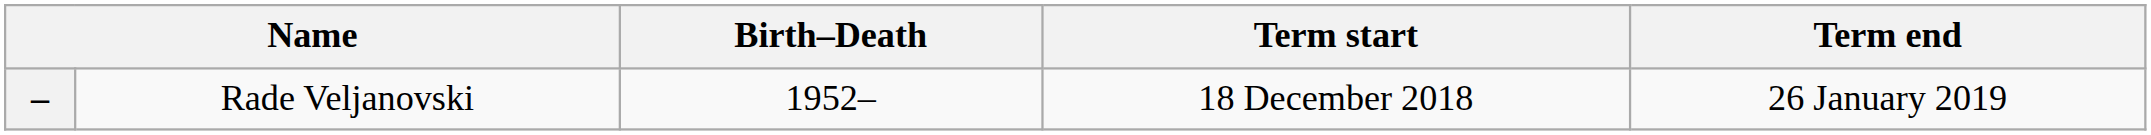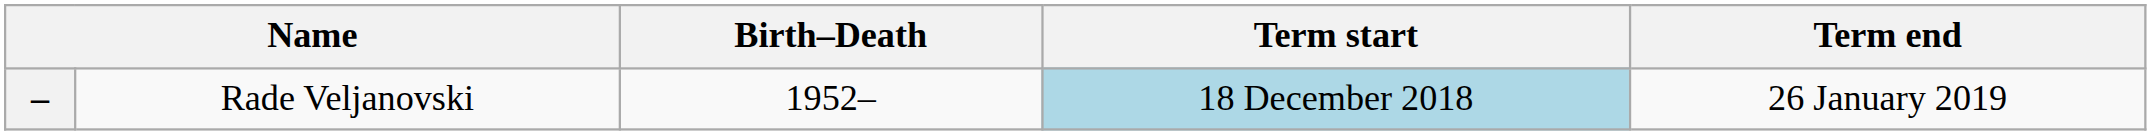 <table class="wikitable collapsible collapsed" style="text-align:center; width:75%; line-height:126%; margin-bottom:0">
 <tr>
 <th colspan="2">Name</th>
 <th>Birth–Death</th>
 <th>Term start</th>
 <th>Term end</th>
 </tr>
 <tr>
 <th style="background:">–</th>
 <td>Rade Veljanovski</td>
 <td>1952–</td>
-<td>18 December 2018</td>
+<td style="background: lightblue;">18 December 2018</td>
 <td>26 January 2019</td>
 </tr>
 </table>
